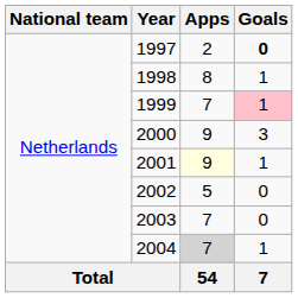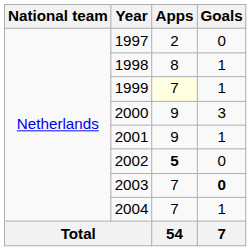 <table class="wikitable" style="text-align:center">
 <tr>
 <th>National team</th>
 <th>Year</th>
 <th>Apps</th>
 <th>Goals</th>
 </tr>
 <tr>
 <td rowspan="8"><a href='#'>Netherlands</a></td>
 <td>1997</td>
 <td>2</td>
-<td><strong>0</strong></td>
+<td>0</td>
 </tr>
 <tr>
 <td>1998</td>
 <td>8</td>
 <td>1</td>
 </tr>
 <tr>
 <td>1999</td>
-<td>7</td>
-<td style="background: pink;">1</td>
+<td style="background: lightyellow;">7</td>
+<td>1</td>
 </tr>
 <tr>
 <td>2000</td>
 <td>9</td>
 <td>3</td>
 </tr>
 <tr>
 <td>2001</td>
-<td style="background: lightyellow;">9</td>
+<td>9</td>
 <td>1</td>
 </tr>
 <tr>
 <td>2002</td>
-<td>5</td>
+<td><strong>5</strong></td>
 <td>0</td>
 </tr>
 <tr>
 <td>2003</td>
 <td>7</td>
-<td>0</td>
+<td><strong>0</strong></td>
 </tr>
 <tr>
 <td>2004</td>
-<td style="background: lightgrey;">7</td>
+<td>7</td>
 <td>1</td>
 </tr>
 <tr>
 <th colspan="2">Total</th>
 <th>54</th>
 <th>7</th>
 </tr>
 </table>
